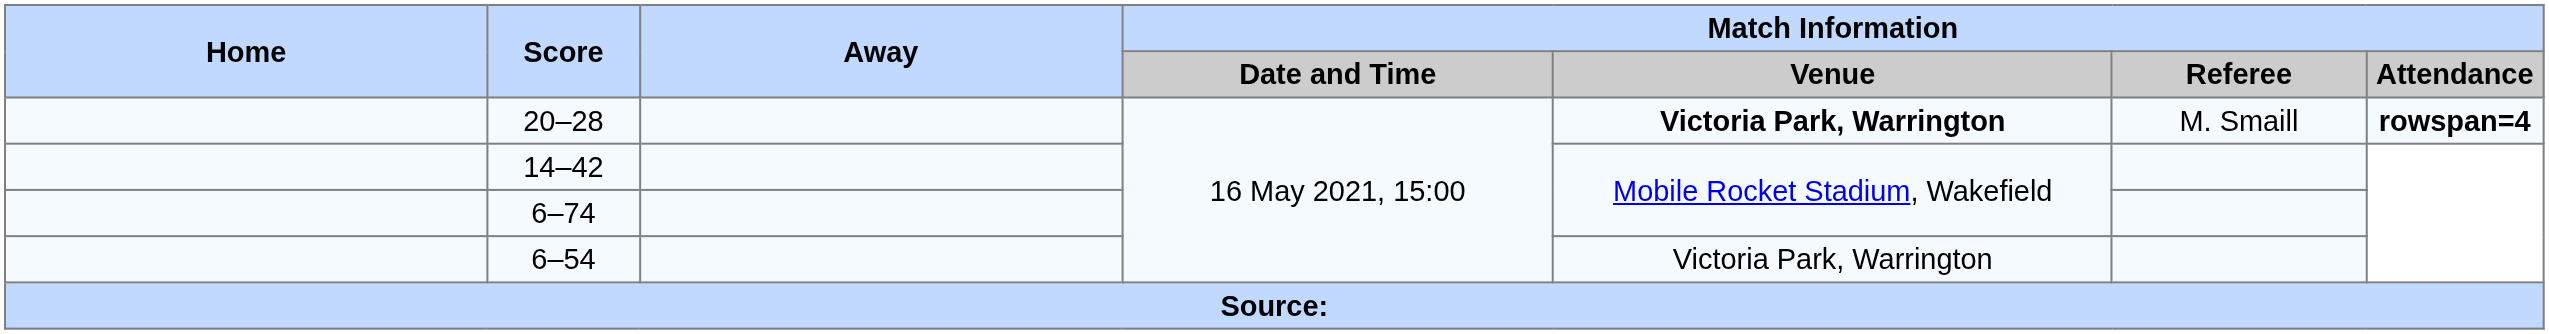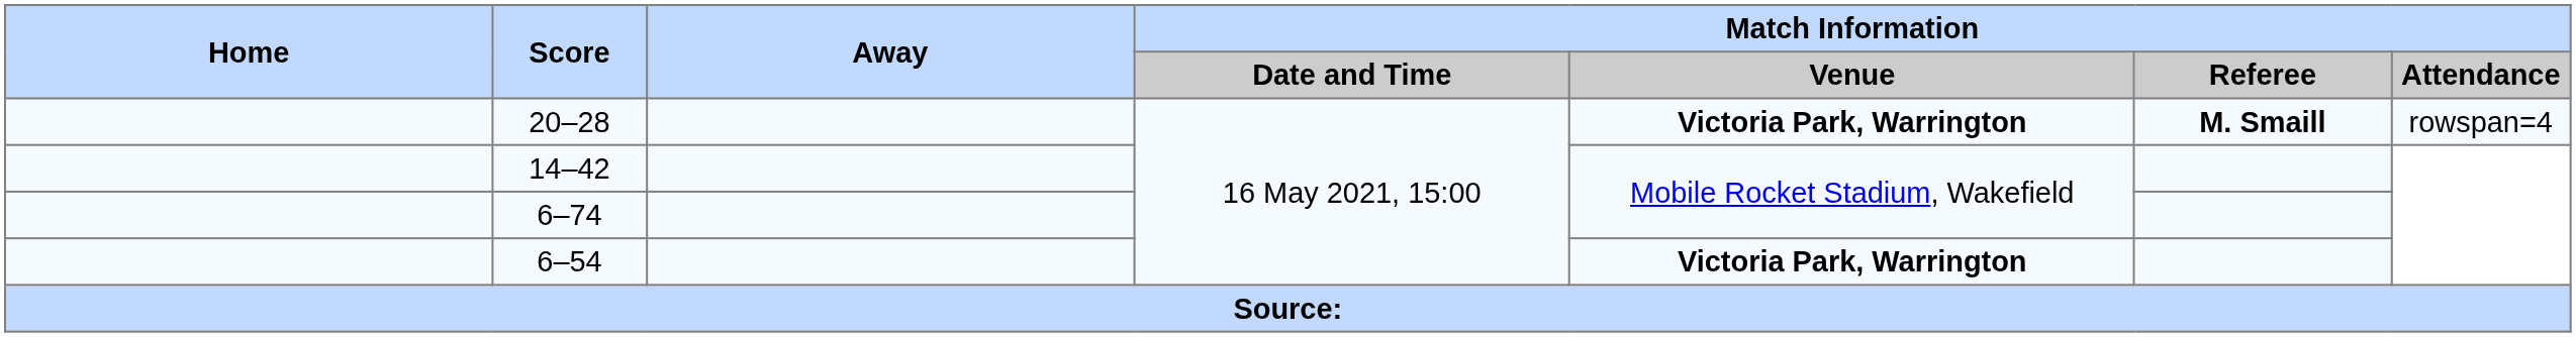 <table border=1 style="border-collapse:collapse; font-size:90%; text-align:center;" cellpadding=3 cellspacing=0 width=100%>
 <tr style="background:#C1D8ff;">
 <th scope="col" rowspan=2 width=19%>Home</th>
 <th scope="col" rowspan=2 width=6%>Score</th>
 <th scope="col" rowspan=2 width=19%>Away</th>
 <th colspan=4>Match Information</th>
 </tr>
 <tr style="background:#CCCCCC;">
 <th scope="col" width=17%>Date and Time</th>
 <th scope="col" width=22%>Venue</th>
 <th scope="col" width=10%>Referee</th>
 <th scope="col" width=7%>Attendance</th>
 </tr>
 <tr style="background:#F5FAFF;">
 <td></td>
 <td>20–28</td>
 <td></td>
 <td Rowspan=4>16 May 2021, 15:00</td>
 <td><strong>Victoria Park, Warrington</strong></td>
-<td>M. Smaill</td>
-<td><strong>rowspan=4</strong></td>
+<td><strong>M. Smaill</strong></td>
+<td>rowspan=4</td>
 </tr>
 <tr style="background:#F5FAFF;">
 <td></td>
 <td>14–42</td>
 <td></td>
 <td rowspan=2><a href='#'>Mobile Rocket Stadium</a>, Wakefield</td>
 <td></td>
 </tr>
 <tr style="background:#F5FAFF;">
 <td></td>
 <td>6–74</td>
 <td></td>
 <td></td>
 </tr>
 <tr style="background:#F5FAFF;">
 <td></td>
 <td>6–54</td>
 <td></td>
-<td>Victoria Park, Warrington</td>
+<td><strong>Victoria Park, Warrington</strong></td>
 <td></td>
 </tr>
 <tr style="background:#c1d8ff;">
 <th colspan=7>Source:</th>
 </tr>
 </table>
